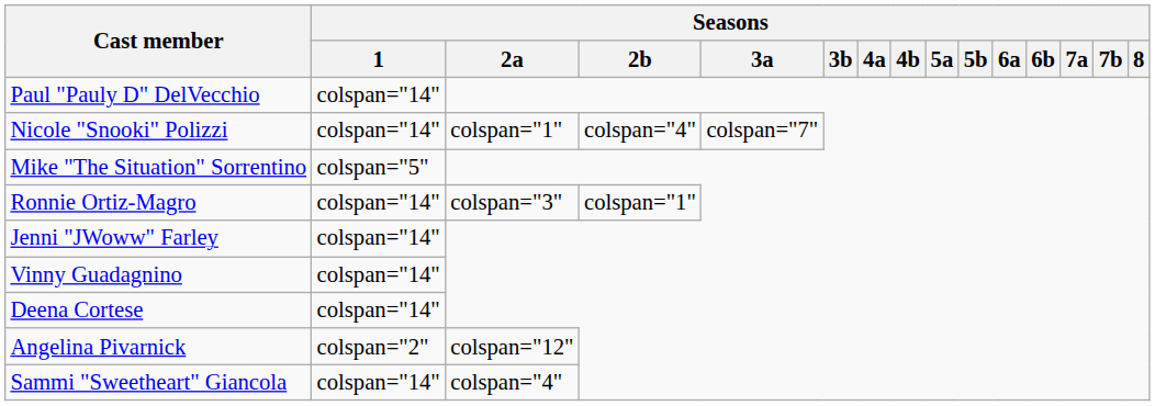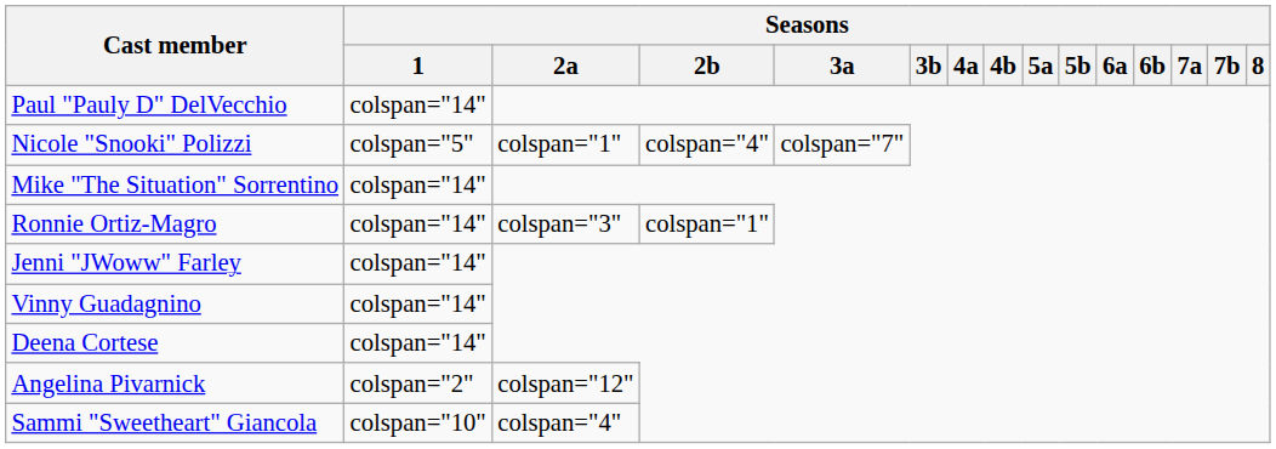 <table class="wikitable plainrowheaders" width="50%">
 <tr>
 <th rowspan="2"  style="width:20%;">Cast member</th>
 <th colspan="14">Seasons</th>
 </tr>
 <tr>
 <th scope="col" style="width:7%;">1</th>
 <th scope="col" style="width:7%;">2a</th>
 <th scope="col" style="width:7%;">2b</th>
 <th scope="col" style="width:7%;">3a</th>
 <th scope="col" style="width:7%;">3b</th>
 <th scope="col" style="width:7%;">4a</th>
 <th scope="col" style="width:7%;">4b</th>
 <th scope="col" style="width:7%;">5a</th>
 <th scope="col" style="width:7%;">5b</th>
 <th scope="col" style="width:7%;">6a</th>
 <th scope="col" style="width:7%;">6b</th>
 <th scope="col" style="width:7%;">7a</th>
 <th scope="col" style="width:7%;">7b</th>
 <th scope="col" style="width:7%;">8</th>
 </tr>
 <tr>
 <td scope="row" nowrap><a href='#'>Paul "Pauly D" DelVecchio</a></td>
 <td>colspan="14" </td>
 </tr>
 <tr>
 <td scope="row" nowrap><a href='#'>Nicole "Snooki" Polizzi</a></td>
-<td>colspan="14" </td>
+<td>colspan="5" </td>
 <td>colspan="1" </td>
 <td>colspan="4" </td>
 <td>colspan="7" </td>
 </tr>
 <tr>
 <td scope="row" nowrap><a href='#'>Mike "The Situation" Sorrentino</a></td>
-<td>colspan="5" </td>
+<td>colspan="14" </td>
 </tr>
 <tr>
 <td scope="row" nowrap><a href='#'>Ronnie Ortiz-Magro</a></td>
 <td>colspan="14" </td>
 <td>colspan="3" </td>
 <td>colspan="1" </td>
 </tr>
 <tr>
 <td scope="row" nowrap><a href='#'>Jenni "JWoww" Farley</a></td>
 <td>colspan="14" </td>
 </tr>
 <tr>
 <td scope="row" nowrap><a href='#'>Vinny Guadagnino</a></td>
 <td>colspan="14" </td>
 </tr>
 <tr>
 <td scope="row" nowrap><a href='#'>Deena Cortese</a></td>
 <td>colspan="14" </td>
 </tr>
 <tr>
 <td scope="row" nowrap><a href='#'>Angelina Pivarnick</a></td>
 <td>colspan="2" </td>
 <td>colspan="12" </td>
 </tr>
 <tr>
 <td scope="row" nowrap><a href='#'>Sammi "Sweetheart" Giancola</a></td>
-<td>colspan="14" </td>
+<td>colspan="10" </td>
 <td>colspan="4" </td>
 </tr>
 </table>
